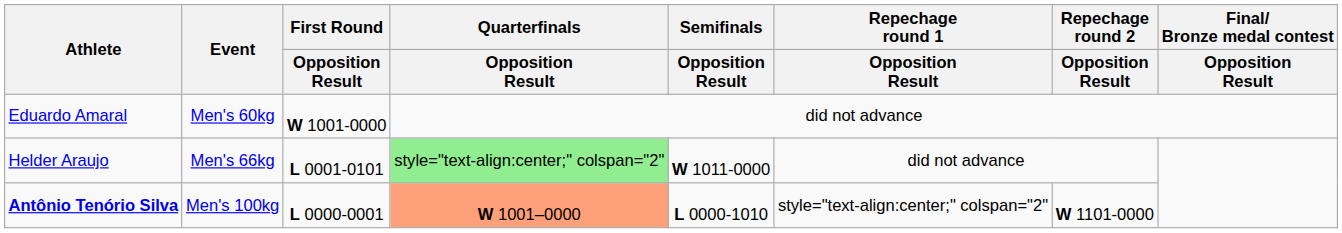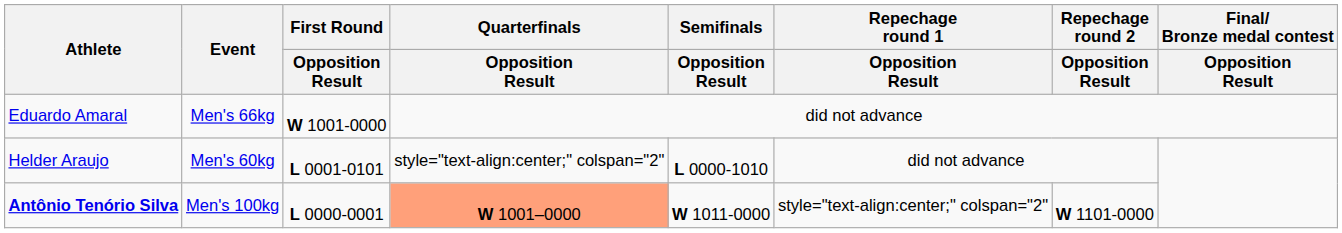 <table class=wikitable style="font-size:90%">
 <tr>
 <th rowspan="2">Athlete</th>
 <th rowspan="2">Event</th>
 <th>First Round</th>
 <th>Quarterfinals</th>
 <th>Semifinals</th>
 <th>Repechage <br>round 1</th>
 <th>Repechage <br>round 2</th>
 <th>Final/<br>Bronze medal contest</th>
 </tr>
 <tr>
 <th>Opposition<br>Result</th>
 <th>Opposition<br>Result</th>
 <th>Opposition<br>Result</th>
 <th>Opposition<br>Result</th>
 <th>Opposition<br>Result</th>
 <th>Opposition<br>Result</th>
 </tr>
 <tr>
 <td><a href='#'>Eduardo Amaral</a></td>
-<td style="text-align:center;"><a href='#'>Men's 60kg</a></td>
+<td style="text-align:center;"><a href='#'>Men's 66kg</a></td>
 <td style="text-align:center;"><br> <strong>W</strong> 1001-0000</td>
 <td style="text-align:center;" colspan="5">did not advance</td>
 </tr>
 <tr>
 <td><a href='#'>Helder Araujo</a></td>
-<td style="text-align:center;"><a href='#'>Men's 66kg</a></td>
+<td style="text-align:center;"><a href='#'>Men's 60kg</a></td>
 <td style="text-align:center;"><br> <strong>L</strong> 0001-0101</td>
-<td style="background: lightgreen;">style="text-align:center;" colspan="2" </td>
-<td style="text-align:center;"><br> <strong>W</strong> 1011-0000</td>
+<td>style="text-align:center;" colspan="2" </td>
+<td style="text-align:center;"><br> <strong>L</strong> 0000-1010</td>
 <td style="text-align:center;" colspan="2">did not advance</td>
 </tr>
 <tr>
 <td><strong><a href='#'>Antônio Tenório Silva</a></strong></td>
 <td style="text-align:center;"><a href='#'>Men's 100kg</a></td>
 <td style="text-align:center;"><br> <strong>L</strong> 0000-0001</td>
 <td style="background: lightsalmon; text-align:center;"><br> <strong>W</strong> 1001–0000</td>
-<td style="text-align:center;"><br> <strong>L</strong> 0000-1010</td>
+<td style="text-align:center;"><br> <strong>W</strong> 1011-0000</td>
 <td>style="text-align:center;" colspan="2" </td>
 <td style="text-align:center;"><br> <strong>W</strong> 1101-0000 </td>
 </tr>
 </table>
